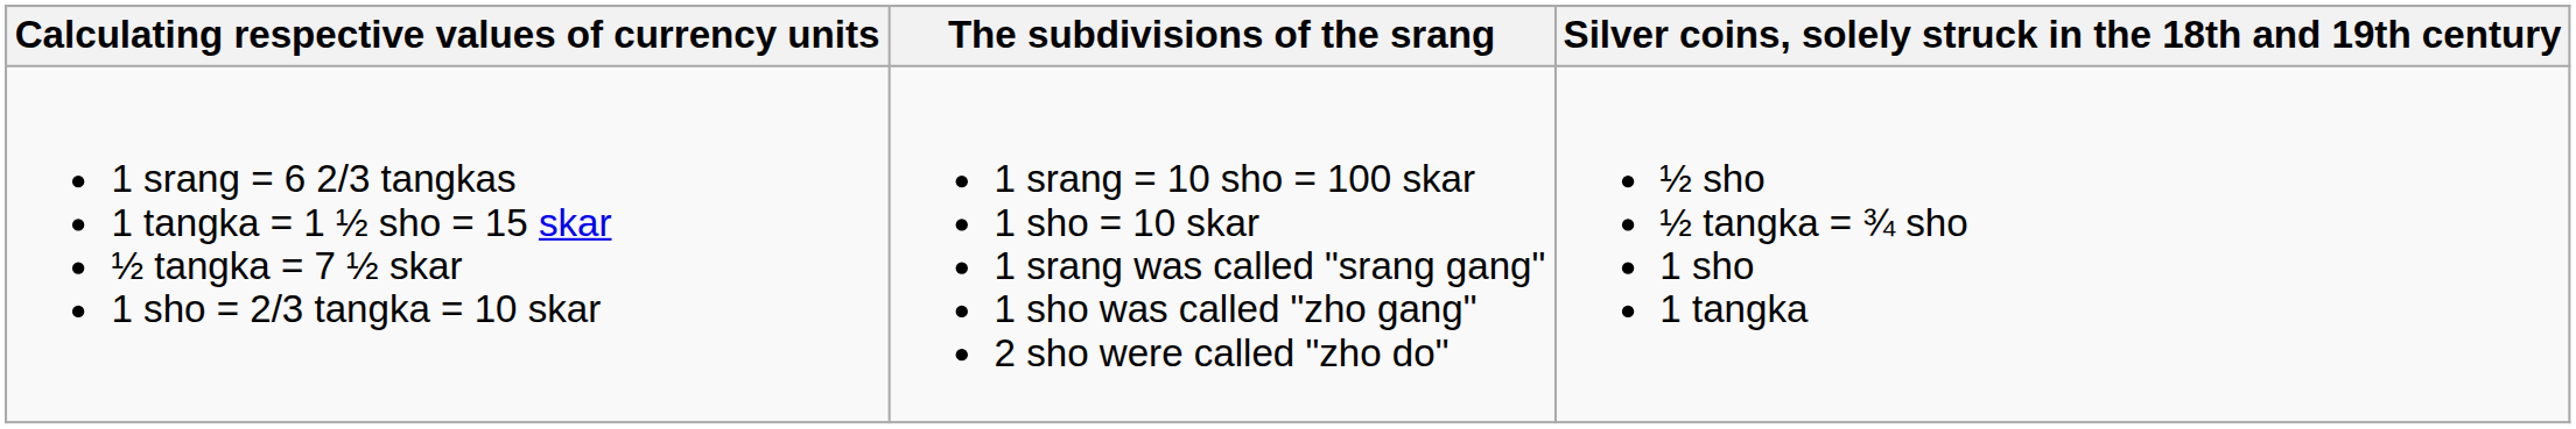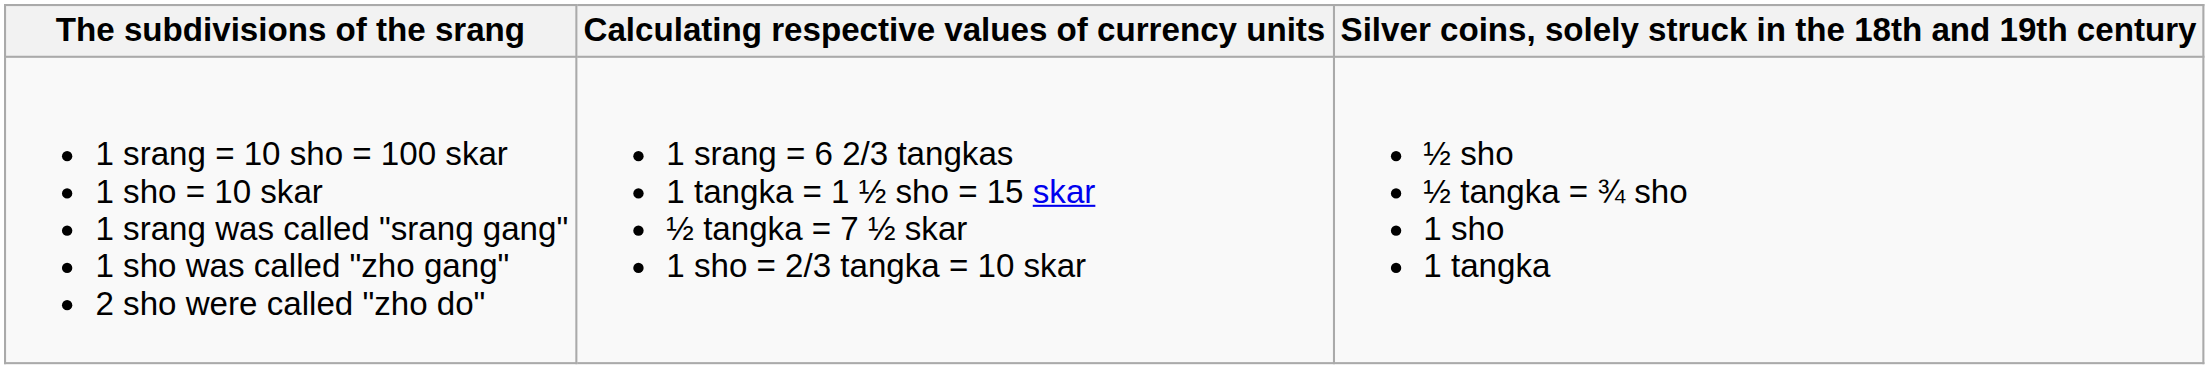 <table class="wikitable" border="1">
 <tr>
+<th>The subdivisions of the srang</th>
 <th>Calculating respective values of currency units</th>
-<th>The subdivisions of the srang</th>
 <th>Silver coins, solely struck in the 18th and 19th century</th>
 </tr>
 <tr valign="top">
+<td><br><ul><li>1 srang = 10 sho = 100 skar</li><li>1 sho = 10 skar</li><li>1 srang was called "srang gang"</li><li>1 sho was called "zho gang"</li><li>2 sho were called "zho do"</li></ul></td>
 <td><br><ul><li>1 srang = 6 2/3 tangkas</li><li>1 tangka = 1 ½ sho = 15 <a href='#'>skar</a></li><li>½ tangka = 7 ½ skar</li><li>1 sho = 2/3 tangka = 10 skar</li></ul></td>
-<td><br><ul><li>1 srang = 10 sho = 100 skar</li><li>1 sho = 10 skar</li><li>1 srang was called "srang gang"</li><li>1 sho was called "zho gang"</li><li>2 sho were called "zho do"</li></ul></td>
 <td><br><ul><li>½ sho</li><li>½ tangka = ¾ sho</li><li>1 sho</li><li>1 tangka</li></ul></td>
 </tr>
 </table>
